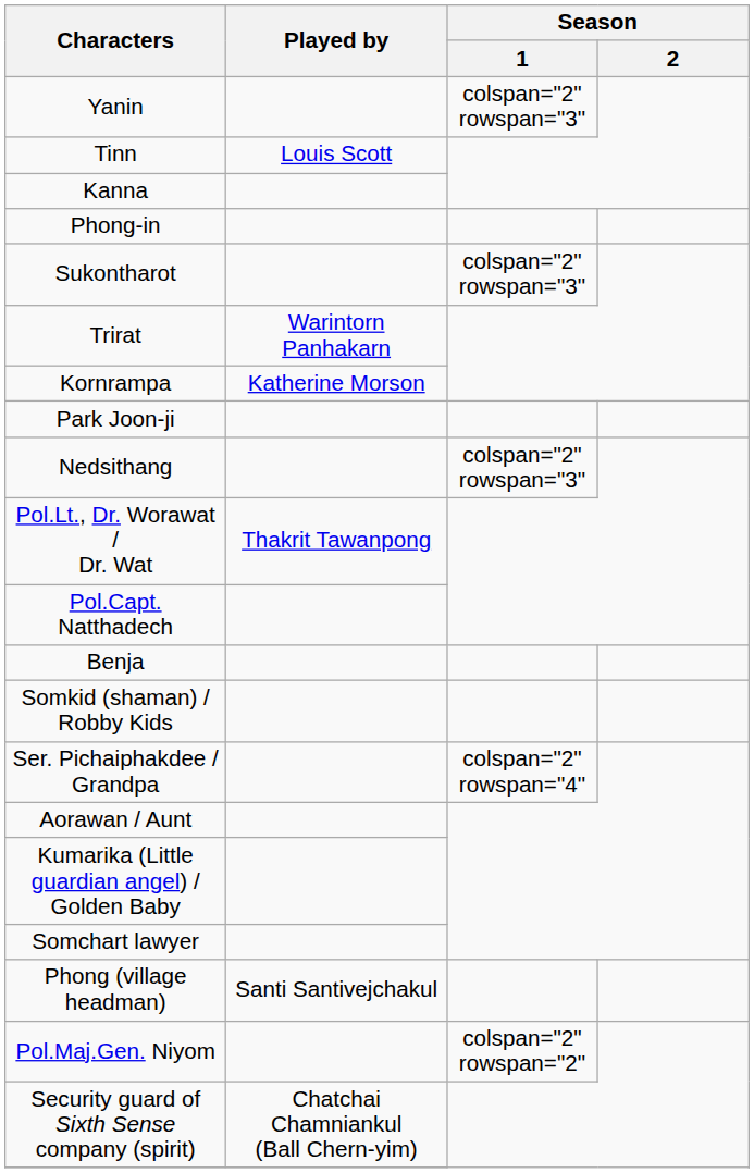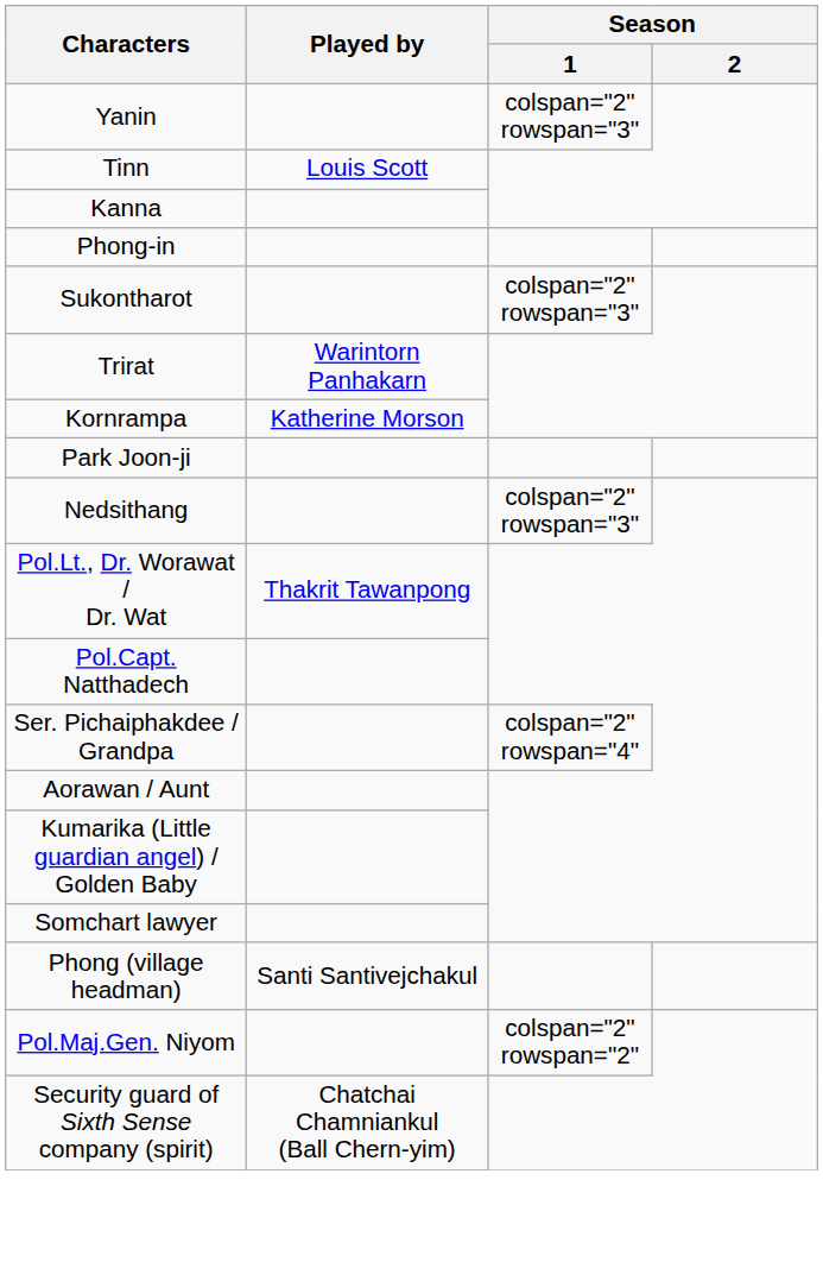 <table class="wikitable" style="text-align:center">
 <tr>
 <th rowspan="2" scope="col" width="150px">Characters</th>
 <th rowspan="2" scope="col" width="150px">Played by</th>
 <th colspan="2" scope="col" width="200px">Season</th>
 </tr>
 <tr>
 <th scope="col" width="100px">1</th>
 <th scope="col" width="100px">2</th>
 </tr>
 <tr>
 <td>Yanin</td>
 <td></td>
 <td>colspan="2" rowspan="3" </td>
 </tr>
 <tr>
 <td>Tinn</td>
 <td><a href='#'>Louis Scott</a></td>
 </tr>
 <tr>
 <td>Kanna</td>
 <td></td>
 </tr>
 <tr>
 <td>Phong-in</td>
 <td></td>
 <td></td>
 <td></td>
 </tr>
 <tr>
 <td>Sukontharot</td>
 <td></td>
 <td>colspan="2" rowspan="3" </td>
 </tr>
 <tr>
 <td>Trirat</td>
 <td><a href='#'>Warintorn Panhakarn</a></td>
 </tr>
 <tr>
 <td>Kornrampa</td>
 <td><a href='#'>Katherine Morson</a></td>
 </tr>
 <tr>
 <td>Park Joon-ji</td>
 <td></td>
 <td></td>
 <td></td>
 </tr>
 <tr>
 <td>Nedsithang</td>
 <td></td>
 <td>colspan="2" rowspan="3" </td>
 </tr>
 <tr>
 <td><a href='#'>Pol.Lt.</a>, <a href='#'>Dr.</a> Worawat /<br> Dr. Wat</td>
 <td><a href='#'>Thakrit Tawanpong</a></td>
 </tr>
 <tr>
 <td><a href='#'>Pol.Capt.</a> Natthadech</td>
 <td></td>
 </tr>
 <tr>
-<td>Benja</td>
-<td></td>
-<td></td>
-<td></td>
-</tr>
-<tr>
-<td>Somkid (shaman) /<br>Robby Kids</td>
-<td></td>
-<td></td>
-<td></td>
-</tr>
-<tr>
 <td>Ser. Pichaiphakdee / Grandpa</td>
 <td></td>
 <td>colspan="2" rowspan="4" </td>
 </tr>
 <tr>
 <td>Aorawan / Aunt</td>
 <td></td>
 </tr>
 <tr>
 <td>Kumarika (Little <a href='#'>guardian angel</a>) / Golden Baby</td>
 <td></td>
 </tr>
 <tr>
 <td>Somchart lawyer</td>
 <td></td>
 </tr>
 <tr>
 <td>Phong (village headman)</td>
 <td>Santi Santivejchakul</td>
 <td></td>
 <td></td>
 </tr>
 <tr>
 <td><a href='#'>Pol.Maj.Gen.</a> Niyom</td>
 <td></td>
 <td>colspan="2" rowspan="2" </td>
 </tr>
 <tr>
 <td>Security guard of <em>Sixth Sense</em> company (spirit)</td>
 <td>Chatchai Chamniankul<br>(Ball Chern-yim)</td>
 </tr>
 <tr>
 </tr>
 </table>
